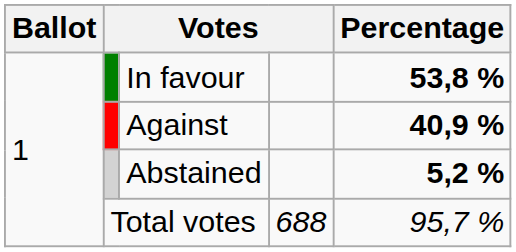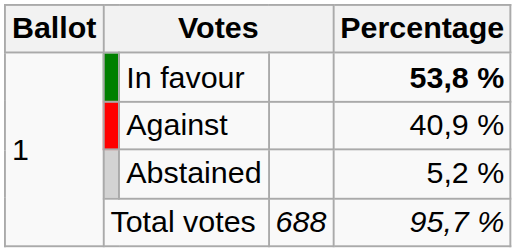 <table class="wikitable">
 <tr ---->
 <th>Ballot</th>
 <th colspan="3">Votes</th>
 <th>Percentage</th>
 </tr>
 <tr>
 <td rowspan="4">1</td>
 <td style="width:1px; background:green;"></td>
 <td>In favour</td>
 <td align="right" color="#80FF00"></td>
 <td align="right"class="hintergrundfarbe9"><strong>53,8 %</strong></td>
 </tr>
 <tr>
 <td style="width:1px; background:red;"></td>
 <td>Against</td>
 <td align="right"></td>
-<td align="right"><strong>40,9 %</strong></td>
+<td align="right">40,9 %</td>
 </tr>
 <tr>
 <td style="width:1px; background:lightgray;"></td>
 <td>Abstained</td>
 <td align="right"></td>
-<td align="right"><strong>5,2 %</strong></td>
+<td align="right">5,2 %</td>
 </tr>
 <tr>
 <td colspan="2">Total votes</td>
 <td align="right"><em>688</em></td>
 <td align="right"><em>95,7 %</em></td>
 </tr>
 </table>
